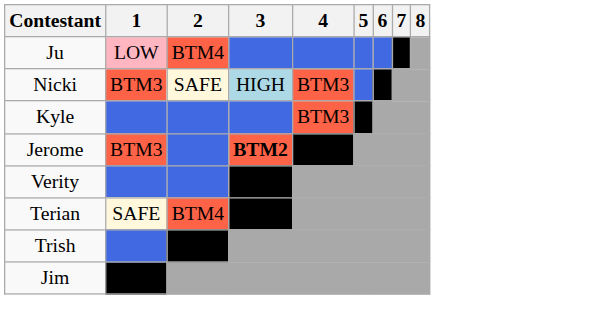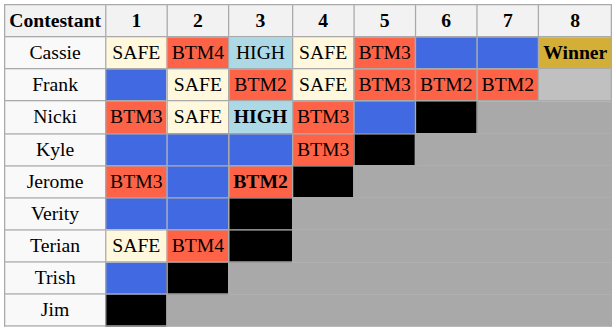 <table class="wikitable" border="2" style="text-align:center;font-size:96%">
 <tr>
 <th>Contestant</th>
 <th>1</th>
 <th>2</th>
 <th>3</th>
 <th>4</th>
 <th>5</th>
 <th>6</th>
 <th>7</th>
 <th>8</th>
 </tr>
 <tr>
-<td>Ju</td>
-<td style="background:lightpink;">LOW</td>
+<td>Cassie</td>
+<td style="background:cornsilk;">SAFE</td>
 <td style="background:tomato;">BTM4</td>
+<td style="background:lightblue;">HIGH</td>
+<td style="background:cornsilk;">SAFE</td>
+<td style="background:tomato;">BTM3</td>
 <td style="background:royalblue;”"><strong></strong></td>
 <td style="background:royalblue;”"><strong></strong></td>
+<td style="background:#D4AF37;" nowrap><strong>Winner</strong></td>
+</tr>
+<tr>
+<td>Frank</td>
 <td style="background:royalblue;”"><strong></strong></td>
-<td style="background:royalblue;”"><strong></strong></td>
-<td style="background:black;"><strong></strong></td>
-<td style="background:darkgrey;"></td>
+<td style="background:cornsilk;">SAFE</td>
+<td style="background:tomato;">BTM2</td>
+<td style="background:cornsilk;">SAFE</td>
+<td style="background:tomato;">BTM3</td>
+<td style="background:tomato;">BTM2</td>
+<td style="background:tomato;">BTM2</td>
+<td style="background:silver"><strong></strong></td>
 </tr>
 <tr>
 <td>Nicki</td>
 <td style="background:tomato;">BTM3</td>
 <td style="background:cornsilk;">SAFE</td>
-<td style="background:lightblue;”">HIGH</td>
+<td style="background:lightblue;”"><strong>HIGH</strong></td>
 <td style="background:tomato;">BTM3</td>
 <td style="background:royalblue;”"><strong></strong></td>
 <td style="background:black;"><strong></strong></td>
 <td colspan="2" style="background:darkgrey;"></td>
 </tr>
 <tr>
 <td>Kyle</td>
 <td style="background:royalblue;”"><strong></strong></td>
 <td style="background:royalblue;”"><strong></strong></td>
 <td style="background:royalblue;”"><strong></strong></td>
 <td style="background:tomato;">BTM3</td>
 <td style="background:black;"><strong></strong></td>
 <td colspan="3" style="background:darkgrey;"></td>
 </tr>
 <tr>
 <td>Jerome</td>
 <td style="background:tomato;">BTM3</td>
 <td style="background:royalblue;”"><strong></strong></td>
 <td style="background:tomato;"><strong>BTM2</strong></td>
 <td style="background:black;"><strong></strong></td>
 <td colspan="4" style="background:darkgrey;"></td>
 </tr>
 <tr>
 <td>Verity</td>
 <td style="background:royalblue;”"><strong></strong></td>
 <td style="background:royalblue;”"><strong></strong></td>
 <td style="background:black;"><strong></strong></td>
 <td colspan="5" style="background:darkgrey;"></td>
 </tr>
 <tr>
 <td>Terian</td>
 <td style="background:cornsilk;">SAFE</td>
 <td style="background:tomato;">BTM4</td>
 <td style="background:black;"><strong></strong></td>
 <td colspan="5" style="background:darkgrey;"></td>
 </tr>
 <tr>
 <td>Trish</td>
 <td style="background:royalblue;”"><strong></strong></td>
 <td style="background:black;"><strong></strong></td>
 <td colspan="6" style="background:darkgrey;"></td>
 </tr>
 <tr>
 <td>Jim</td>
 <td style="background:black;"><strong></strong></td>
 <td colspan="7" style="background:darkgrey;"></td>
 </tr>
 </table>
